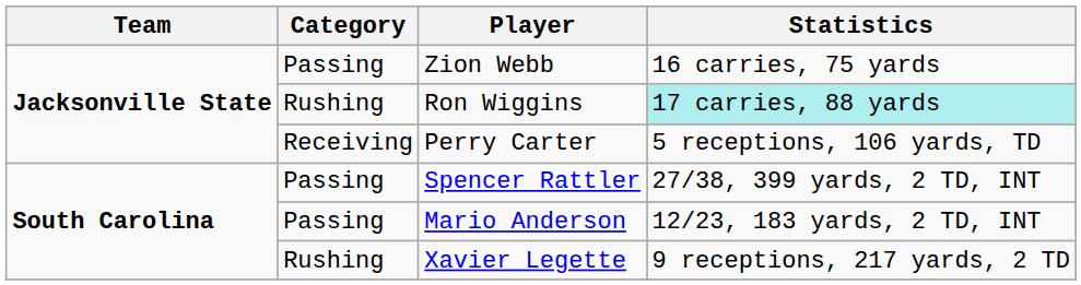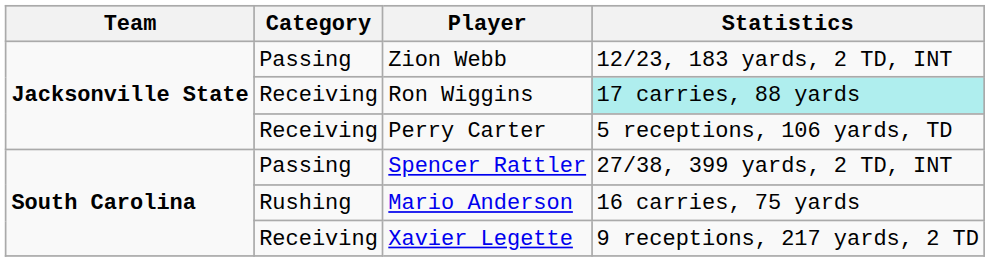 <table class="wikitable" style="float: right;">
 <tr>
 <th>Team</th>
 <th>Category</th>
 <th>Player</th>
 <th>Statistics</th>
 </tr>
 <tr>
 <td rowspan=3><strong>Jacksonville State</strong></td>
 <td>Passing</td>
 <td>Zion Webb</td>
-<td>16 carries, 75 yards</td>
+<td>12/23, 183 yards, 2 TD, INT</td>
 </tr>
 <tr>
-<td>Rushing</td>
+<td>Receiving</td>
 <td>Ron Wiggins</td>
 <td style="background: paleturquoise;">17 carries, 88 yards</td>
 </tr>
 <tr>
 <td>Receiving</td>
 <td>Perry Carter</td>
 <td>5 receptions, 106 yards, TD</td>
 </tr>
 <tr>
 <td rowspan=3><strong>South Carolina</strong></td>
 <td>Passing</td>
 <td><a href='#'>Spencer Rattler</a></td>
 <td>27/38, 399 yards, 2 TD, INT</td>
 </tr>
 <tr>
-<td>Passing</td>
+<td>Rushing</td>
 <td><a href='#'>Mario Anderson</a></td>
-<td>12/23, 183 yards, 2 TD, INT</td>
+<td>16 carries, 75 yards</td>
 </tr>
 <tr>
-<td>Rushing</td>
+<td>Receiving</td>
 <td><a href='#'>Xavier Legette</a></td>
 <td>9 receptions, 217 yards, 2 TD</td>
 </tr>
 </table>
